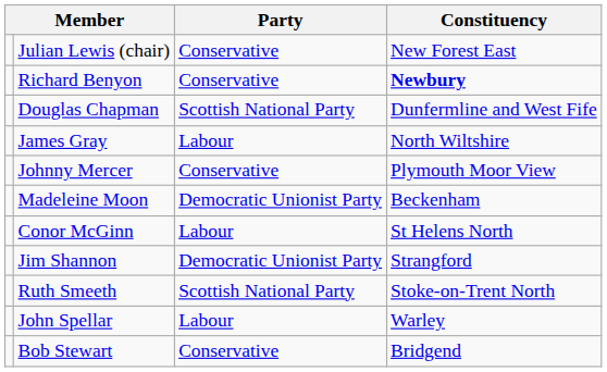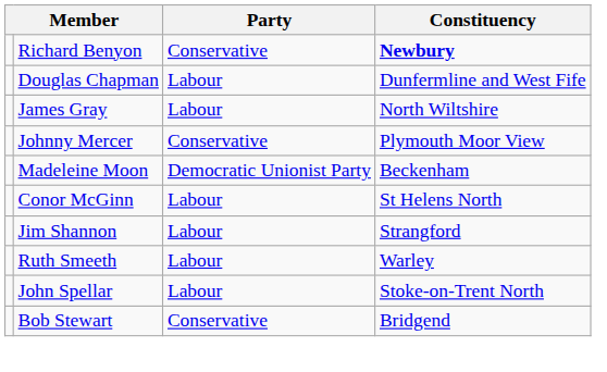 <table class="wikitable">
 <tr>
 <th colspan="2" valign="top">Member</th>
 <th valign="top">Party</th>
 <th valign="top">Constituency</th>
-</tr>
-<tr>
-<td style="color:inherit;background:"></td>
-<td><a href='#'>Julian Lewis</a> (chair)</td>
-<td><a href='#'>Conservative</a></td>
-<td><a href='#'>New Forest East</a></td>
 </tr>
 <tr>
 <td style="color:inherit;background:"></td>
 <td><a href='#'>Richard Benyon</a></td>
 <td><a href='#'>Conservative</a></td>
 <td><strong><a href='#'>Newbury</a></strong></td>
 </tr>
 <tr>
 <td style="color:inherit;background:"></td>
 <td><a href='#'>Douglas Chapman</a></td>
-<td><a href='#'>Scottish National Party</a></td>
+<td><a href='#'>Labour</a></td>
 <td><a href='#'>Dunfermline and West Fife</a></td>
 </tr>
 <tr>
 <td style="color:inherit;background:"></td>
 <td><a href='#'>James Gray</a></td>
 <td><a href='#'>Labour</a></td>
 <td><a href='#'>North Wiltshire</a></td>
 </tr>
 <tr>
 <td style="color:inherit;background:"></td>
 <td><a href='#'>Johnny Mercer</a></td>
 <td><a href='#'>Conservative</a></td>
 <td><a href='#'>Plymouth Moor View</a></td>
 </tr>
 <tr>
 <td style="color:inherit;background:"></td>
 <td><a href='#'>Madeleine Moon</a></td>
 <td><a href='#'>Democratic Unionist Party</a></td>
 <td><a href='#'>Beckenham</a></td>
 </tr>
 <tr>
 <td style="color:inherit;background:"></td>
 <td><a href='#'>Conor McGinn</a></td>
 <td><a href='#'>Labour</a></td>
 <td><a href='#'>St Helens North</a></td>
 </tr>
 <tr>
 <td style="color:inherit;background:"></td>
 <td><a href='#'>Jim Shannon</a></td>
-<td><a href='#'>Democratic Unionist Party</a></td>
+<td><a href='#'>Labour</a></td>
 <td><a href='#'>Strangford</a></td>
 </tr>
 <tr>
 <td style="color:inherit;background:"></td>
 <td><a href='#'>Ruth Smeeth</a></td>
-<td><a href='#'>Scottish National Party</a></td>
-<td><a href='#'>Stoke-on-Trent North</a></td>
+<td><a href='#'>Labour</a></td>
+<td><a href='#'>Warley</a></td>
 </tr>
 <tr>
 <td style="color:inherit;background:"></td>
 <td><a href='#'>John Spellar</a></td>
 <td><a href='#'>Labour</a></td>
-<td><a href='#'>Warley</a></td>
+<td><a href='#'>Stoke-on-Trent North</a></td>
 </tr>
 <tr>
 <td style="color:inherit;background:"></td>
 <td><a href='#'>Bob Stewart</a></td>
 <td><a href='#'>Conservative</a></td>
 <td><a href='#'>Bridgend</a></td>
 </tr>
 </table>
